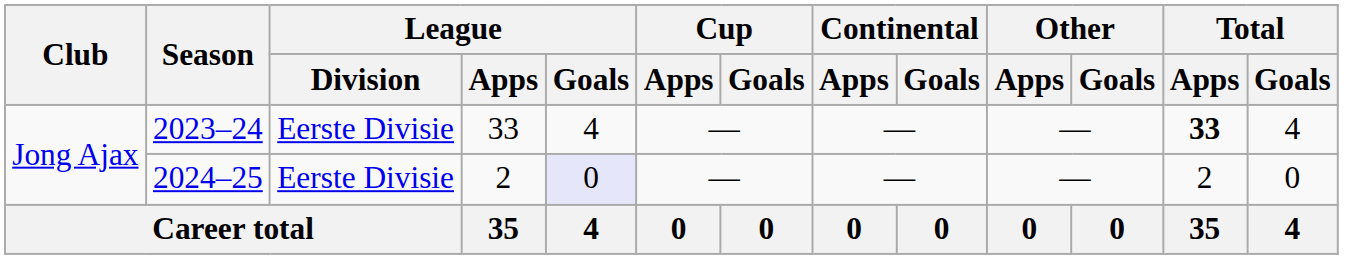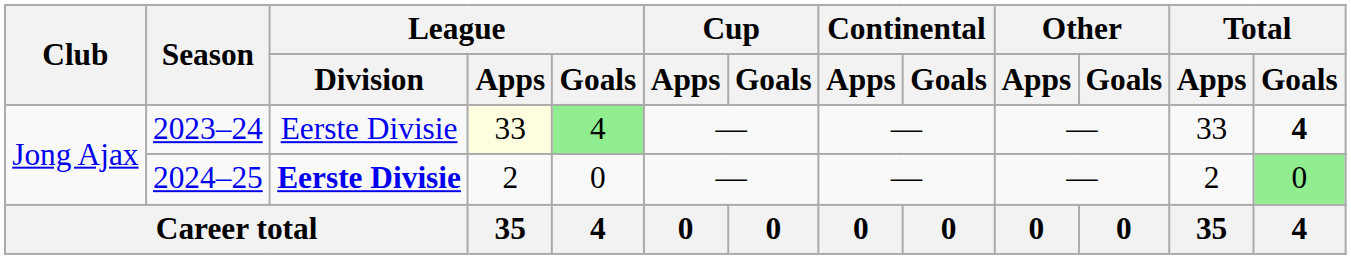 <table class="wikitable" style="text-align: center">
 <tr>
 <th rowspan=2>Club</th>
 <th rowspan=2>Season</th>
 <th colspan=3>League</th>
 <th colspan=2>Cup</th>
 <th colspan=2>Continental</th>
 <th colspan=2>Other</th>
 <th colspan=2>Total</th>
 </tr>
 <tr>
 <th>Division</th>
 <th>Apps</th>
 <th>Goals</th>
 <th>Apps</th>
 <th>Goals</th>
 <th>Apps</th>
 <th>Goals</th>
 <th>Apps</th>
 <th>Goals</th>
 <th>Apps</th>
 <th>Goals</th>
 </tr>
 <tr>
 <td rowspan="2"><a href='#'>Jong Ajax</a></td>
 <td><a href='#'>2023–24</a></td>
 <td><a href='#'>Eerste Divisie</a></td>
-<td>33</td>
-<td>4</td>
+<td style="background: lightyellow;">33</td>
+<td style="background: lightgreen;">4</td>
 <td colspan="2">—</td>
 <td colspan="2">—</td>
 <td colspan="2">—</td>
-<td><strong>33</strong></td>
-<td>4</td>
+<td>33</td>
+<td><strong>4</strong></td>
 </tr>
 <tr>
 <td><a href='#'>2024–25</a></td>
-<td><a href='#'>Eerste Divisie</a></td>
+<td><strong><a href='#'>Eerste Divisie</a></strong></td>
 <td>2</td>
-<td style="background: lavender;">0</td>
+<td>0</td>
 <td colspan="2">—</td>
 <td colspan="2">—</td>
 <td colspan="2">—</td>
 <td>2</td>
-<td>0</td>
+<td style="background: lightgreen;">0</td>
 </tr>
 <tr>
 <th colspan="3">Career total</th>
 <th>35</th>
 <th>4</th>
 <th>0</th>
 <th>0</th>
 <th>0</th>
 <th>0</th>
 <th>0</th>
 <th>0</th>
 <th>35</th>
 <th>4</th>
 </tr>
 </table>
